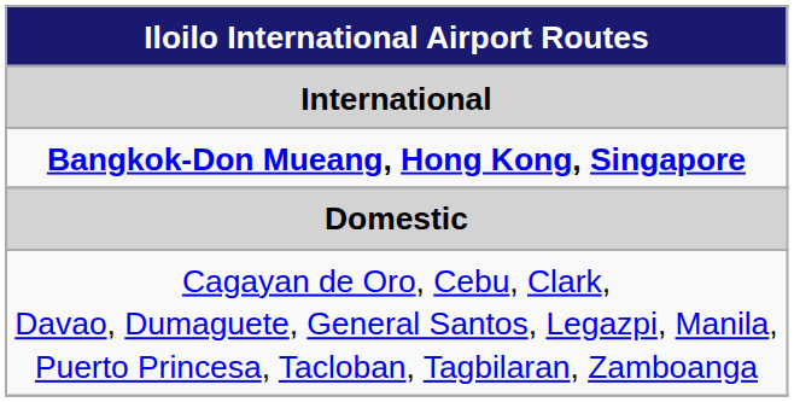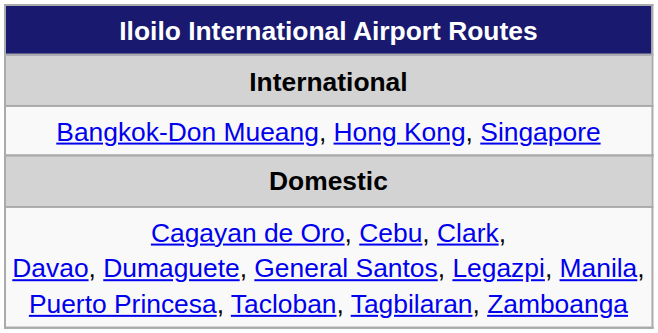 <table class="wikitable floatright">
 <tr style="color:white; background:#191970; text-align:center;">
 <td><strong><small> Iloilo International Airport Routes</small></strong></td>
 </tr>
 <tr style="color:black; background:#D3D3D3; text-align:center;">
 <td><small> <strong>International</strong> </small></td>
 </tr>
 <tr>
-<td style="text-align:center;"><strong><small> <a href='#'>Bangkok-Don Mueang</a>, <a href='#'>Hong Kong</a>, <a href='#'>Singapore</a></small></strong></td>
+<td style="text-align:center;"><small> <a href='#'>Bangkok-Don Mueang</a>, <a href='#'>Hong Kong</a>, <a href='#'>Singapore</a></small></td>
 </tr>
 <tr>
 </tr>
 <tr style="color:black; background:#D3D3D3; text-align:center;">
 <td><small> <strong>Domestic</strong> </small></td>
 </tr>
 <tr>
 <td style="text-align:center;"><small> <a href='#'>Cagayan de Oro</a>, <a href='#'>Cebu</a>, <a href='#'>Clark</a>, <br><a href='#'>Davao</a>, <a href='#'>Dumaguete</a>, <a href='#'>General Santos</a>, <a href='#'>Legazpi</a>, <a href='#'>Manila</a>, <br> <a href='#'>Puerto Princesa</a>, <a href='#'>Tacloban</a>, <a href='#'>Tagbilaran</a>, <a href='#'>Zamboanga</a></small></td>
 </tr>
 <tr>
 </tr>
 </table>
